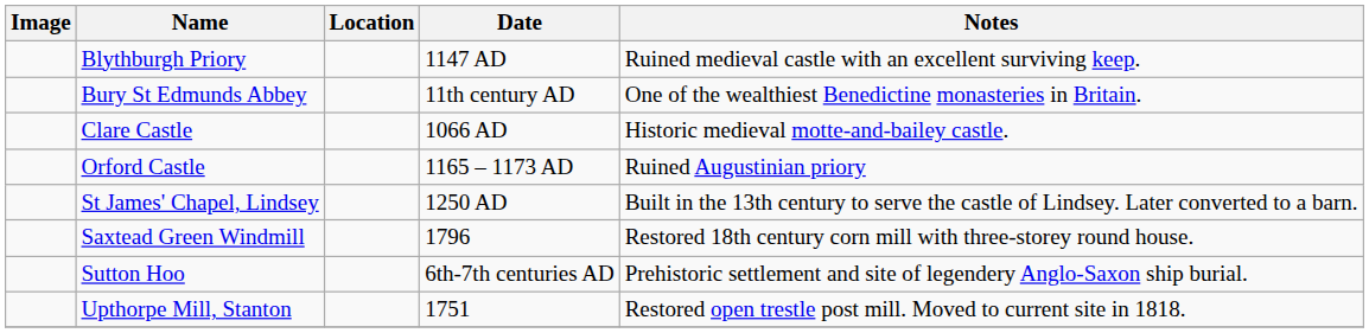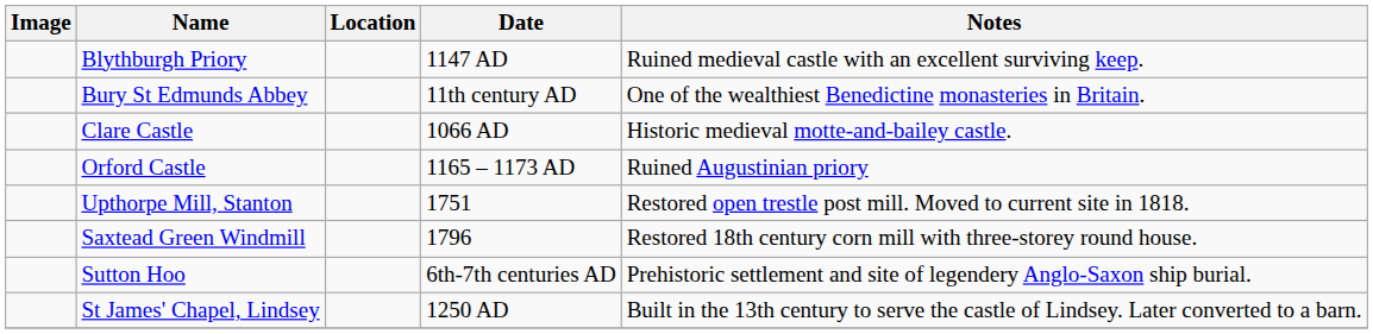 <table class="wikitable sortable">
 <tr>
 <th class="unsortable">Image</th>
 <th>Name</th>
 <th>Location</th>
 <th>Date</th>
 <th class="unsortable">Notes</th>
 </tr>
 <tr>
 <td></td>
 <td><a href='#'>Blythburgh Priory</a></td>
 <td></td>
 <td>1147 AD</td>
 <td>Ruined medieval castle with an excellent surviving <a href='#'>keep</a>.</td>
 </tr>
 <tr>
 <td></td>
 <td><a href='#'>Bury St Edmunds Abbey</a></td>
 <td></td>
 <td>11th century AD</td>
 <td>One of the wealthiest <a href='#'>Benedictine</a> <a href='#'>monasteries</a> in <a href='#'> Britain</a>.</td>
 </tr>
 <tr>
 <td></td>
 <td><a href='#'>Clare Castle</a></td>
 <td></td>
 <td>1066 AD</td>
 <td>Historic medieval <a href='#'>motte-and-bailey castle</a>.</td>
 </tr>
 <tr>
 <td></td>
 <td><a href='#'>Orford Castle</a></td>
 <td></td>
 <td>1165 – 1173 AD</td>
 <td>Ruined <a href='#'>Augustinian priory</a></td>
 </tr>
 <tr>
 <td></td>
-<td><a href='#'>St James' Chapel, Lindsey</a></td>
+<td><a href='#'>Upthorpe Mill, Stanton</a></td>
 <td></td>
-<td>1250 AD</td>
-<td>Built in the 13th century to serve the castle of Lindsey. Later converted to a barn.</td>
+<td>1751</td>
+<td>Restored <a href='#'>open trestle</a> post mill. Moved to current site in 1818. </td>
 </tr>
 <tr>
 <td></td>
 <td><a href='#'>Saxtead Green Windmill</a></td>
 <td></td>
 <td>1796</td>
 <td>Restored 18th century corn mill with three-storey round house.</td>
 </tr>
 <tr>
 <td></td>
 <td><a href='#'>Sutton Hoo</a></td>
 <td></td>
 <td>6th-7th centuries AD</td>
 <td>Prehistoric settlement and site of legendery <a href='#'>Anglo-Saxon</a> ship burial.</td>
 </tr>
 <tr>
 <td></td>
-<td><a href='#'>Upthorpe Mill, Stanton</a></td>
+<td><a href='#'>St James' Chapel, Lindsey</a></td>
 <td></td>
-<td>1751</td>
-<td>Restored <a href='#'>open trestle</a> post mill. Moved to current site in 1818. </td>
+<td>1250 AD</td>
+<td>Built in the 13th century to serve the castle of Lindsey. Later converted to a barn.</td>
 </tr>
 <tr>
 </tr>
 </table>
